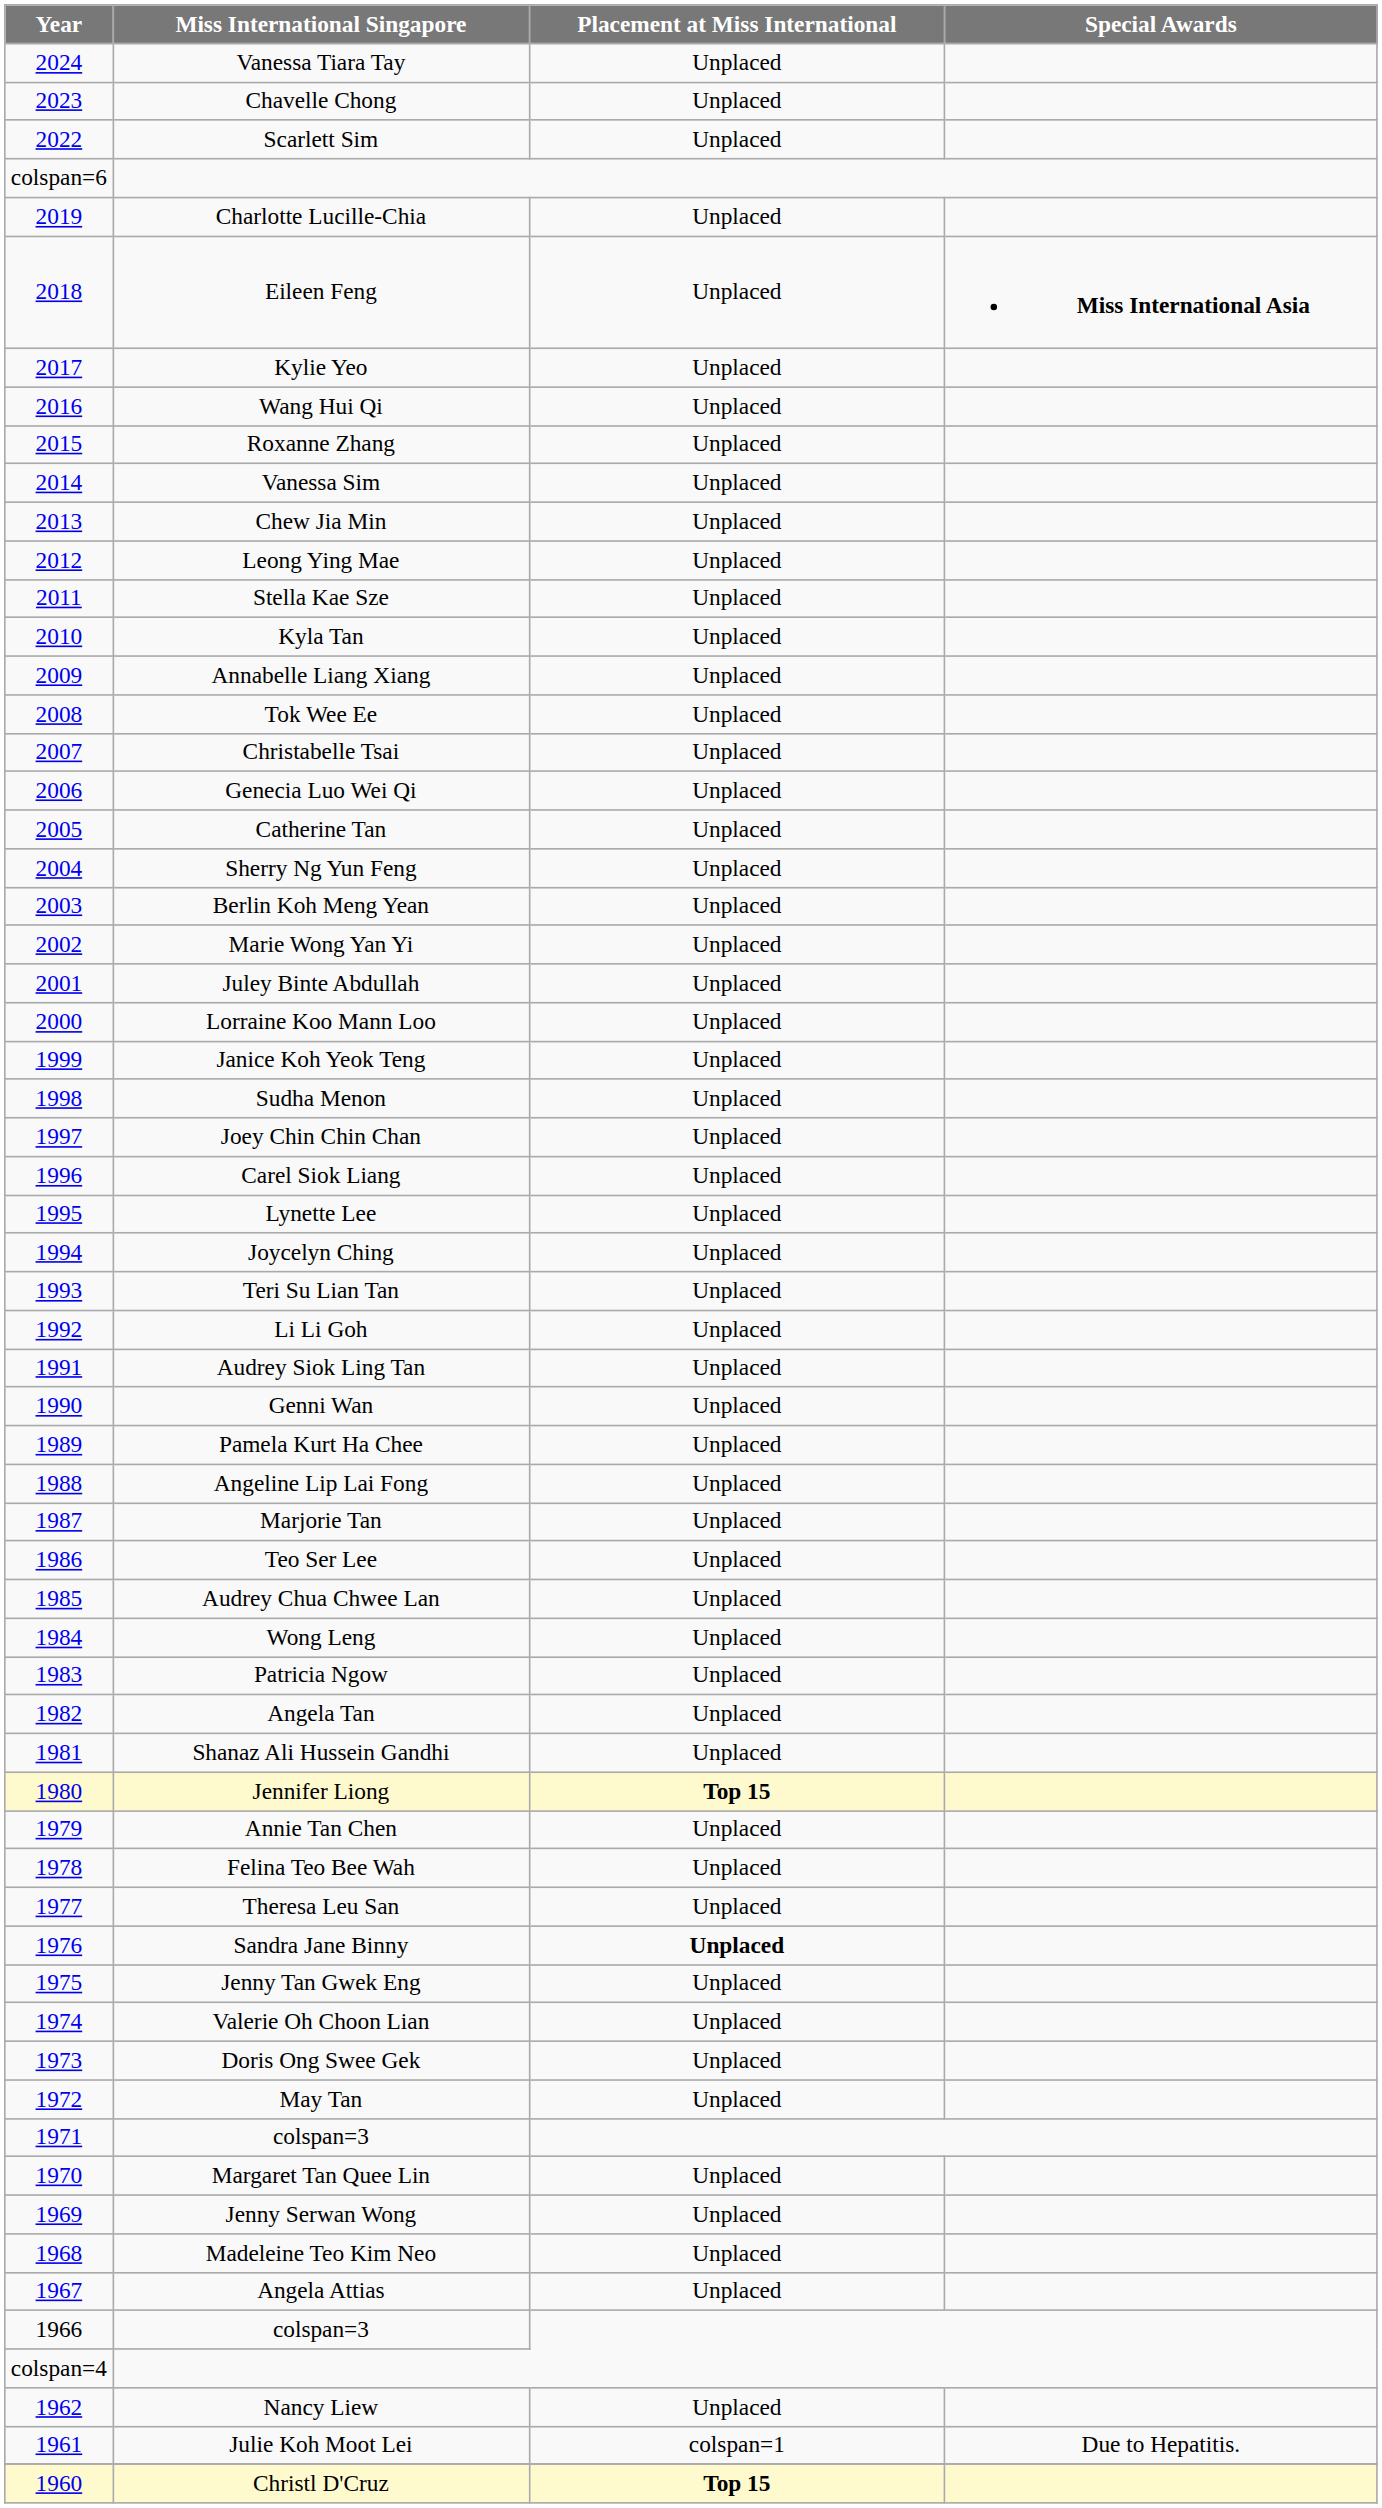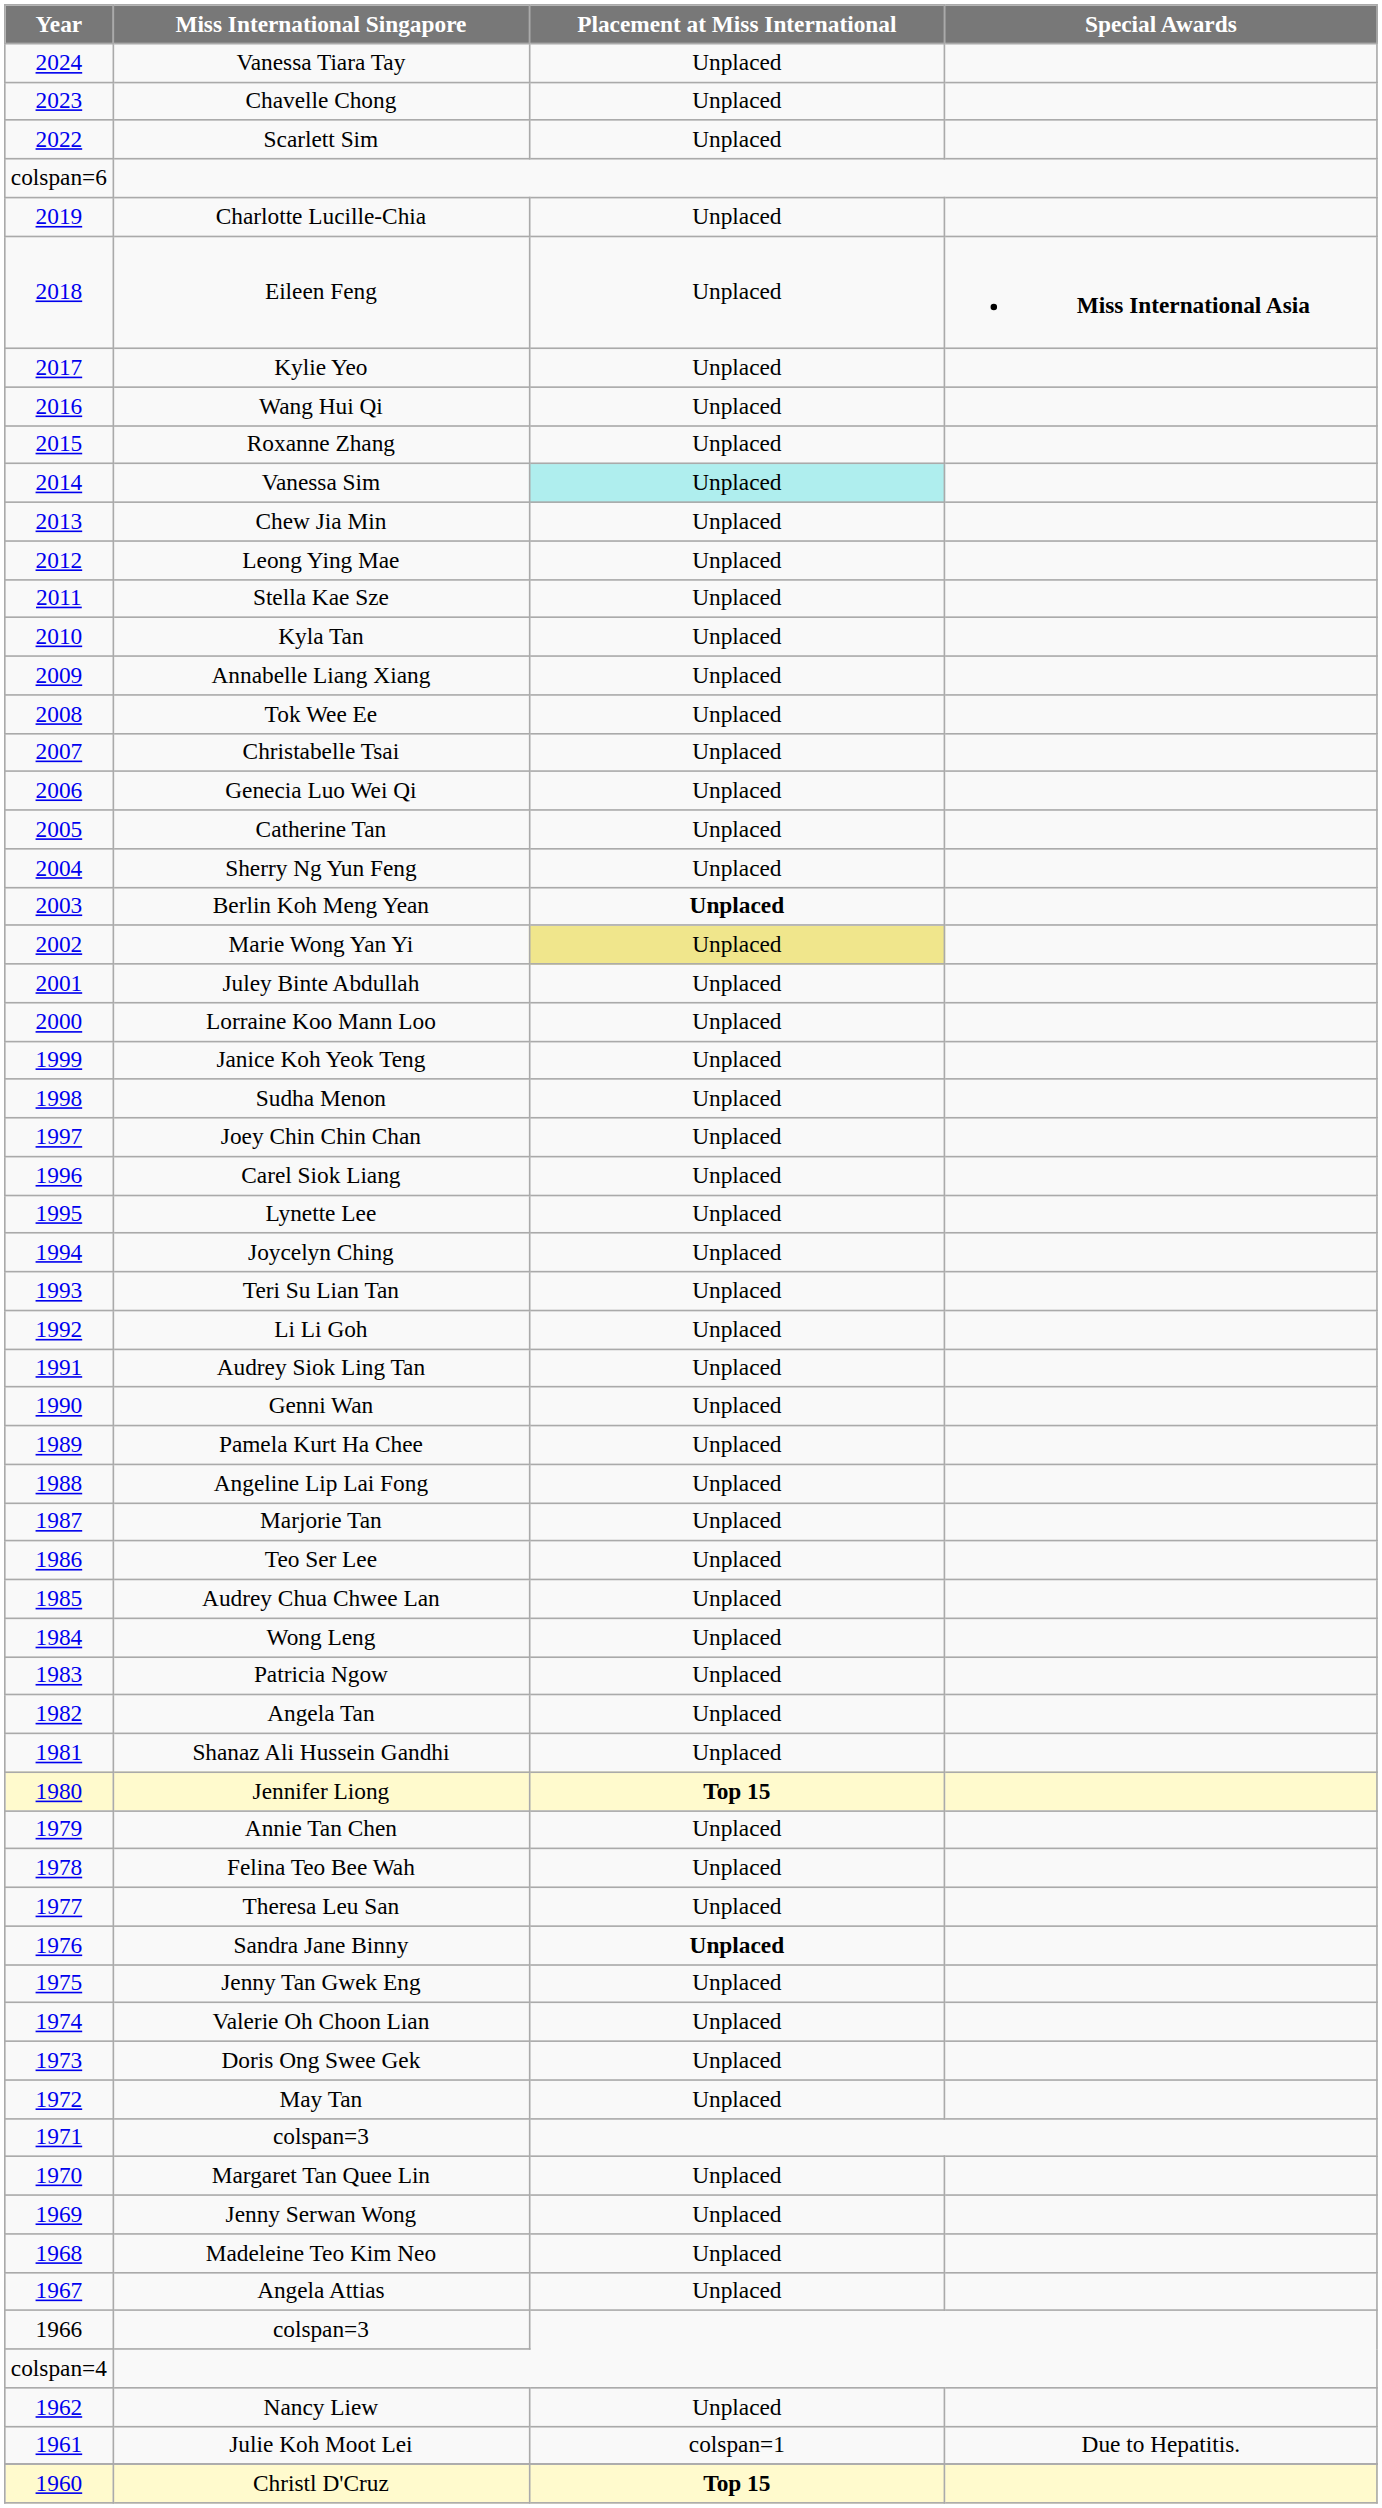 <table class="wikitable" style="font-size: 90%; text-align:center">
 <tr>
 <th width="60" style="background-color:#787878;color:#FFFFFF;">Year</th>
 <th width="250" style="background-color:#787878;color:#FFFFFF;">Miss International Singapore</th>
 <th width="250" style="background-color:#787878;color:#FFFFFF;">Placement at Miss International</th>
 <th width="260" style="background-color:#787878;color:#FFFFFF;">Special Awards</th>
 </tr>
 <tr>
 <td><a href='#'>2024</a></td>
 <td>Vanessa Tiara Tay</td>
 <td>Unplaced</td>
 <td></td>
 </tr>
 <tr>
 <td><a href='#'>2023</a></td>
 <td>Chavelle Chong</td>
 <td>Unplaced</td>
 <td></td>
 </tr>
 <tr>
 <td><a href='#'>2022</a></td>
 <td>Scarlett Sim</td>
 <td>Unplaced</td>
 <td></td>
 </tr>
 <tr>
 <td>colspan=6 </td>
 </tr>
 <tr>
 <td><a href='#'>2019</a></td>
 <td>Charlotte Lucille-Chia</td>
 <td>Unplaced</td>
 <td></td>
 </tr>
 <tr>
 <td><a href='#'>2018</a></td>
 <td>Eileen Feng</td>
 <td>Unplaced</td>
 <td><br><ul><li><strong>Miss International Asia</strong></li></ul></td>
 </tr>
 <tr>
 <td><a href='#'>2017</a></td>
 <td>Kylie Yeo</td>
 <td>Unplaced</td>
 <td></td>
 </tr>
 <tr>
 <td><a href='#'>2016</a></td>
 <td>Wang Hui Qi</td>
 <td>Unplaced</td>
 <td></td>
 </tr>
 <tr>
 <td><a href='#'>2015</a></td>
 <td>Roxanne Zhang</td>
 <td>Unplaced</td>
 <td></td>
 </tr>
 <tr>
 <td><a href='#'>2014</a></td>
 <td>Vanessa Sim</td>
-<td>Unplaced</td>
+<td style="background: paleturquoise;">Unplaced</td>
 <td></td>
 </tr>
 <tr>
 <td><a href='#'>2013</a></td>
 <td>Chew Jia Min</td>
 <td>Unplaced</td>
 <td></td>
 </tr>
 <tr>
 <td><a href='#'>2012</a></td>
 <td>Leong Ying Mae</td>
 <td>Unplaced</td>
 <td></td>
 </tr>
 <tr>
 <td><a href='#'>2011</a></td>
 <td>Stella Kae Sze</td>
 <td>Unplaced</td>
 <td></td>
 </tr>
 <tr>
 <td><a href='#'>2010</a></td>
 <td>Kyla Tan</td>
 <td>Unplaced</td>
 <td></td>
 </tr>
 <tr>
 <td><a href='#'>2009</a></td>
 <td>Annabelle Liang Xiang</td>
 <td>Unplaced</td>
 <td></td>
 </tr>
 <tr>
 <td><a href='#'>2008</a></td>
 <td>Tok Wee Ee</td>
 <td>Unplaced</td>
 <td></td>
 </tr>
 <tr>
 <td><a href='#'>2007</a></td>
 <td>Christabelle Tsai</td>
 <td>Unplaced</td>
 <td></td>
 </tr>
 <tr>
 <td><a href='#'>2006</a></td>
 <td>Genecia Luo Wei Qi</td>
 <td>Unplaced</td>
 <td></td>
 </tr>
 <tr>
 <td><a href='#'>2005</a></td>
 <td>Catherine Tan</td>
 <td>Unplaced</td>
 <td></td>
 </tr>
 <tr>
 <td><a href='#'>2004</a></td>
 <td>Sherry Ng Yun Feng</td>
 <td>Unplaced</td>
 <td></td>
 </tr>
 <tr>
 <td><a href='#'>2003</a></td>
 <td>Berlin Koh Meng Yean</td>
-<td>Unplaced</td>
+<td><strong>Unplaced</strong></td>
 <td></td>
 </tr>
 <tr>
 <td><a href='#'>2002</a></td>
 <td>Marie Wong Yan Yi</td>
-<td>Unplaced</td>
+<td style="background: khaki;">Unplaced</td>
 <td></td>
 </tr>
 <tr>
 <td><a href='#'>2001</a></td>
 <td>Juley Binte Abdullah</td>
 <td>Unplaced</td>
 <td></td>
 </tr>
 <tr>
 <td><a href='#'>2000</a></td>
 <td>Lorraine Koo Mann Loo</td>
 <td>Unplaced</td>
 <td></td>
 </tr>
 <tr>
 <td><a href='#'>1999</a></td>
 <td>Janice Koh Yeok Teng</td>
 <td>Unplaced</td>
 <td></td>
 </tr>
 <tr>
 <td><a href='#'>1998</a></td>
 <td>Sudha Menon</td>
 <td>Unplaced</td>
 <td></td>
 </tr>
 <tr>
 <td><a href='#'>1997</a></td>
 <td>Joey Chin Chin Chan</td>
 <td>Unplaced</td>
 <td></td>
 </tr>
 <tr>
 <td><a href='#'>1996</a></td>
 <td>Carel Siok Liang</td>
 <td>Unplaced</td>
 <td></td>
 </tr>
 <tr>
 <td><a href='#'>1995</a></td>
 <td>Lynette Lee</td>
 <td>Unplaced</td>
 <td></td>
 </tr>
 <tr>
 <td><a href='#'>1994</a></td>
 <td>Joycelyn Ching</td>
 <td>Unplaced</td>
 <td></td>
 </tr>
 <tr>
 <td><a href='#'>1993</a></td>
 <td>Teri Su Lian Tan</td>
 <td>Unplaced</td>
 <td></td>
 </tr>
 <tr>
 <td><a href='#'>1992</a></td>
 <td>Li Li Goh</td>
 <td>Unplaced</td>
 <td></td>
 </tr>
 <tr>
 <td><a href='#'>1991</a></td>
 <td>Audrey Siok Ling Tan</td>
 <td>Unplaced</td>
 <td></td>
 </tr>
 <tr>
 <td><a href='#'>1990</a></td>
 <td>Genni Wan</td>
 <td>Unplaced</td>
 <td></td>
 </tr>
 <tr>
 <td><a href='#'>1989</a></td>
 <td>Pamela Kurt Ha Chee</td>
 <td>Unplaced</td>
 <td></td>
 </tr>
 <tr>
 <td><a href='#'>1988</a></td>
 <td>Angeline Lip Lai Fong</td>
 <td>Unplaced</td>
 <td></td>
 </tr>
 <tr>
 <td><a href='#'>1987</a></td>
 <td>Marjorie Tan</td>
 <td>Unplaced</td>
 <td></td>
 </tr>
 <tr>
 <td><a href='#'>1986</a></td>
 <td>Teo Ser Lee</td>
 <td>Unplaced</td>
 <td></td>
 </tr>
 <tr>
 <td><a href='#'>1985</a></td>
 <td>Audrey Chua Chwee Lan</td>
 <td>Unplaced</td>
 <td></td>
 </tr>
 <tr>
 <td><a href='#'>1984</a></td>
 <td>Wong Leng</td>
 <td>Unplaced</td>
 <td></td>
 </tr>
 <tr>
 <td><a href='#'>1983</a></td>
 <td>Patricia Ngow</td>
 <td>Unplaced</td>
 <td></td>
 </tr>
 <tr>
 <td><a href='#'>1982</a></td>
 <td>Angela Tan</td>
 <td>Unplaced</td>
 <td></td>
 </tr>
 <tr>
 <td><a href='#'>1981</a></td>
 <td>Shanaz Ali Hussein Gandhi</td>
 <td>Unplaced</td>
 <td></td>
 </tr>
 <tr style="background-color:#FFFACD;">
 <td><a href='#'>1980</a></td>
 <td>Jennifer Liong</td>
 <td><strong>Top 15</strong></td>
 <td></td>
 </tr>
 <tr>
 <td><a href='#'>1979</a></td>
 <td>Annie Tan Chen</td>
 <td>Unplaced</td>
 <td></td>
 </tr>
 <tr>
 <td><a href='#'>1978</a></td>
 <td>Felina Teo Bee Wah</td>
 <td>Unplaced</td>
 <td></td>
 </tr>
 <tr>
 <td><a href='#'>1977</a></td>
 <td>Theresa Leu San</td>
 <td>Unplaced</td>
 <td></td>
 </tr>
 <tr>
 <td><a href='#'>1976</a></td>
 <td>Sandra Jane Binny</td>
 <td><strong>Unplaced</strong></td>
 <td></td>
 </tr>
 <tr>
 <td><a href='#'>1975</a></td>
 <td>Jenny Tan Gwek Eng</td>
 <td>Unplaced</td>
 <td></td>
 </tr>
 <tr>
 <td><a href='#'>1974</a></td>
 <td>Valerie Oh Choon Lian</td>
 <td>Unplaced</td>
 <td></td>
 </tr>
 <tr>
 <td><a href='#'>1973</a></td>
 <td>Doris Ong Swee Gek</td>
 <td>Unplaced</td>
 <td></td>
 </tr>
 <tr>
 <td><a href='#'>1972</a></td>
 <td>May Tan</td>
 <td>Unplaced</td>
 <td></td>
 </tr>
 <tr>
 <td><a href='#'>1971</a></td>
 <td>colspan=3 </td>
 </tr>
 <tr>
 <td><a href='#'>1970</a></td>
 <td>Margaret Tan Quee Lin</td>
 <td>Unplaced</td>
 <td></td>
 </tr>
 <tr>
 <td><a href='#'>1969</a></td>
 <td>Jenny Serwan Wong</td>
 <td>Unplaced</td>
 <td></td>
 </tr>
 <tr>
 <td><a href='#'>1968</a></td>
 <td>Madeleine Teo Kim Neo</td>
 <td>Unplaced</td>
 <td></td>
 </tr>
 <tr>
 <td><a href='#'>1967</a></td>
 <td>Angela Attias</td>
 <td>Unplaced</td>
 <td></td>
 </tr>
 <tr>
 <td>1966</td>
 <td>colspan=3 </td>
 </tr>
 <tr>
 <td>colspan=4 </td>
 </tr>
 <tr>
 <td><a href='#'>1962</a></td>
 <td>Nancy Liew</td>
 <td>Unplaced</td>
 <td></td>
 </tr>
 <tr>
 <td><a href='#'>1961</a></td>
 <td>Julie Koh Moot Lei</td>
 <td>colspan=1 </td>
 <td>Due to Hepatitis.</td>
 </tr>
 <tr>
 </tr>
 <tr style="background-color:#FFFACD;">
 <td><a href='#'>1960</a></td>
 <td>Christl D'Cruz</td>
 <td><strong>Top 15</strong></td>
 <td></td>
 </tr>
 </table>
